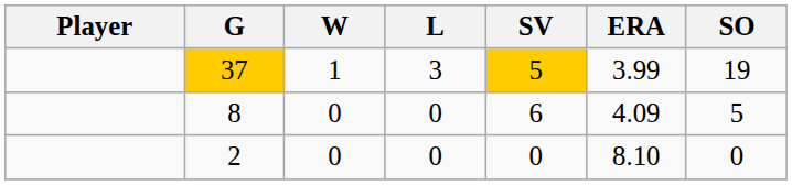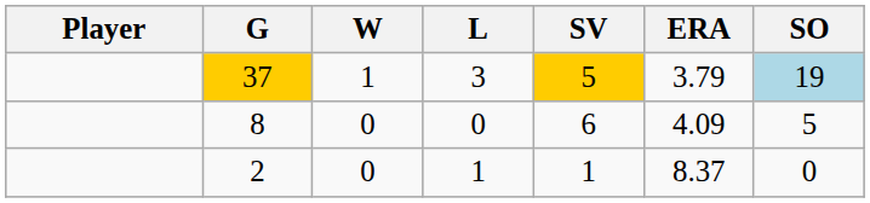 <table class="wikitable sortable">
 <tr>
 <th bgcolor="#DDDDFF" width="16%">Player</th>
 <th bgcolor="#DDDDFF" width="9%">G</th>
 <th bgcolor="#DDDDFF" width="9%">W</th>
 <th bgcolor="#DDDDFF" width="9%">L</th>
 <th bgcolor="#DDDDFF" width="9%">SV</th>
 <th bgcolor="#DDDDFF" width="9%">ERA</th>
 <th bgcolor="#DDDDFF" width="9%">SO</th>
 </tr>
 <tr align="center">
 <td></td>
 <td style="background:#fc0;">37</td>
 <td>1</td>
 <td>3</td>
 <td style="background:#fc0;">5</td>
-<td>3.99</td>
-<td>19</td>
+<td>3.79</td>
+<td style="background: lightblue;">19</td>
 </tr>
 <tr align="center">
 <td></td>
 <td>8</td>
 <td>0</td>
 <td>0</td>
 <td>6</td>
 <td>4.09</td>
 <td>5</td>
 </tr>
 <tr align="center">
 <td></td>
 <td>2</td>
 <td>0</td>
-<td>0</td>
-<td>0</td>
-<td>8.10</td>
+<td>1</td>
+<td>1</td>
+<td>8.37</td>
 <td>0</td>
 </tr>
 </table>
